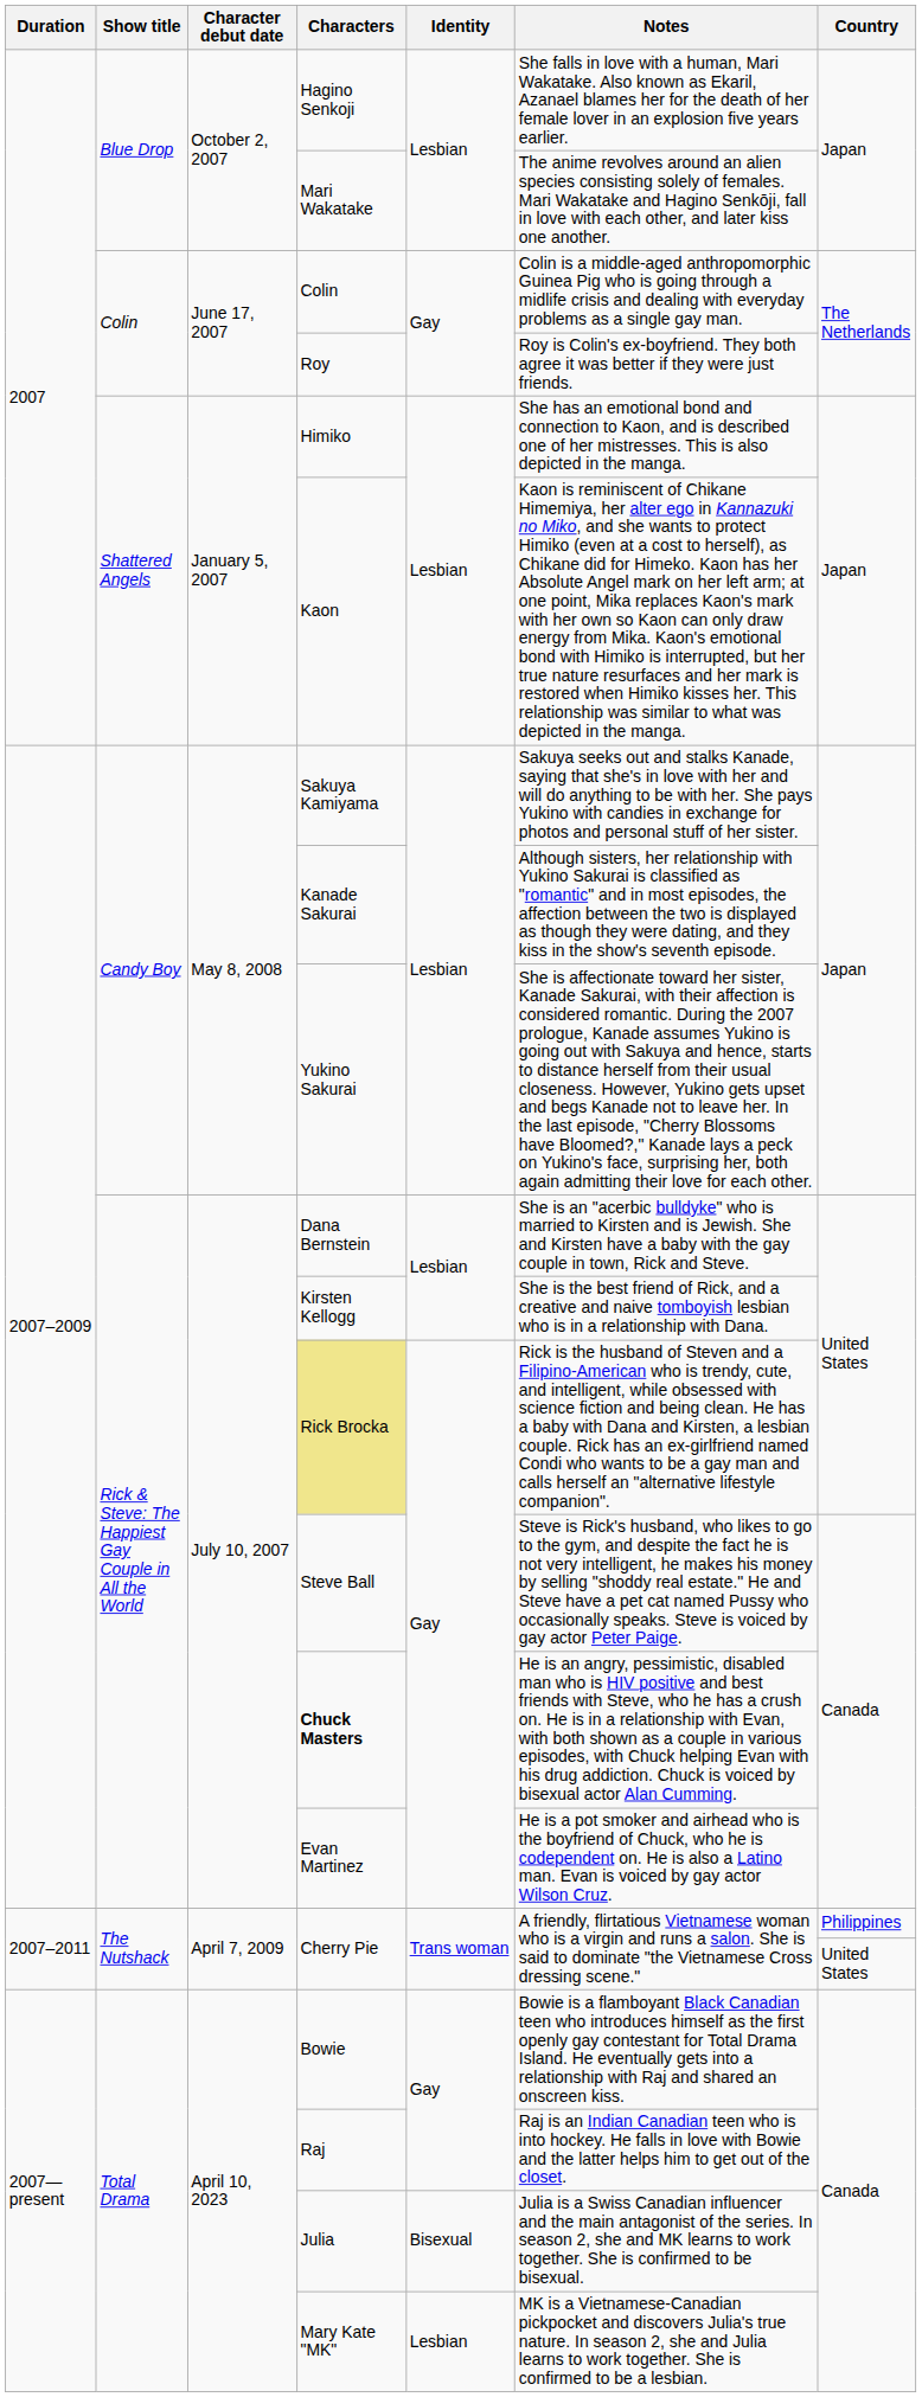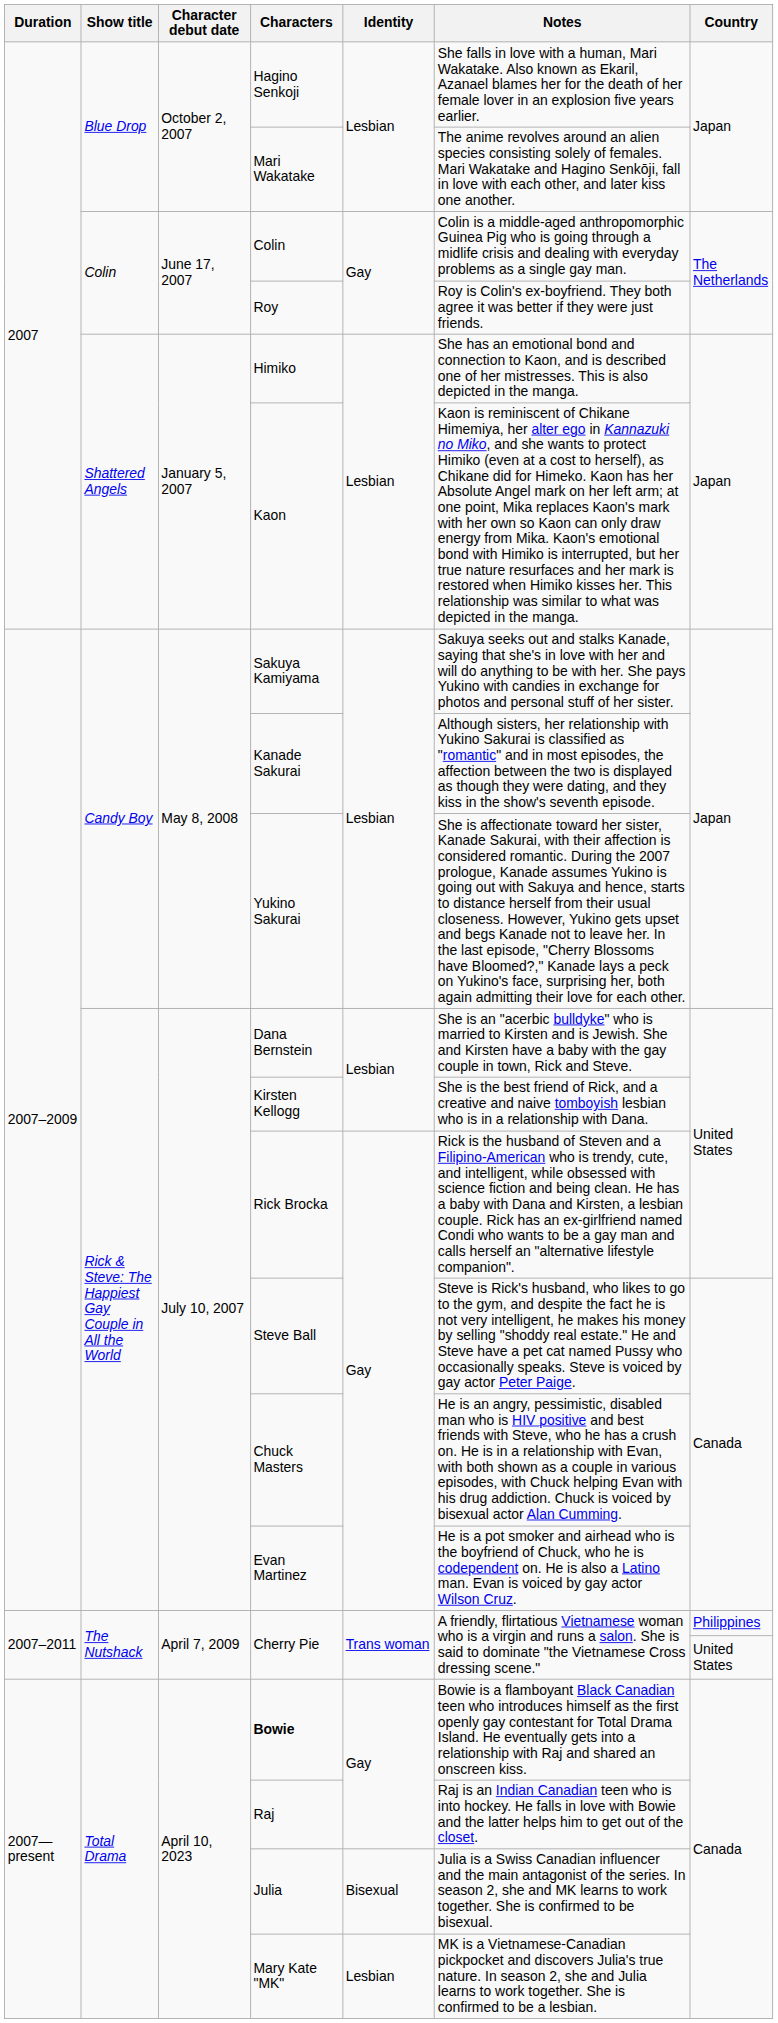 <table class="wikitable sortable" style="width: 100%">
 <tr>
 <th scope="col" style="width:10%;">Duration</th>
 <th scope="col" style="width:10%;">Show title</th>
 <th scope="col" style="width:12%;">Character debut date</th>
 <th scope="col" style="width:12%;">Characters</th>
 <th scope="col" style="width:12%;">Identity</th>
 <th>Notes</th>
 <th>Country</th>
 </tr>
 <tr>
 <td rowspan="6">2007</td>
 <td rowspan="2"><em><a href='#'>Blue Drop</a></em></td>
 <td rowspan="2">October 2, 2007</td>
 <td>Hagino Senkoji</td>
 <td rowspan="2">Lesbian</td>
 <td>She falls in love with a human, Mari Wakatake. Also known as Ekaril, Azanael blames her for the death of her female lover in an explosion five years earlier.</td>
 <td rowspan="2">Japan</td>
 </tr>
 <tr>
 <td>Mari Wakatake</td>
 <td>The anime revolves around an alien species consisting solely of females. Mari Wakatake and Hagino Senkōji, fall in love with each other, and later kiss one another.</td>
 </tr>
 <tr>
 <td rowspan="2"><em>Colin</em></td>
 <td rowspan="2">June 17, 2007</td>
 <td>Colin</td>
 <td rowspan="2">Gay</td>
 <td>Colin is a middle-aged anthropomorphic Guinea Pig who is going through a midlife crisis and dealing with everyday problems as a single gay man.</td>
 <td rowspan="2"><a href='#'>The Netherlands</a></td>
 </tr>
 <tr>
 <td>Roy</td>
 <td>Roy is Colin's ex-boyfriend. They both agree it was better if they were just friends.</td>
 </tr>
 <tr>
 <td rowspan="2"><em><a href='#'>Shattered Angels</a></em></td>
 <td rowspan="2">January 5, 2007</td>
 <td>Himiko</td>
 <td rowspan="2">Lesbian</td>
 <td>She has an emotional bond and connection to Kaon, and is described one of her mistresses. This is also depicted in the manga.</td>
 <td rowspan="2">Japan</td>
 </tr>
 <tr>
 <td>Kaon</td>
 <td>Kaon is reminiscent of Chikane Himemiya, her <a href='#'>alter ego</a> in <em><a href='#'>Kannazuki no Miko</a></em>, and she wants to protect Himiko (even at a cost to herself), as Chikane did for Himeko. Kaon has her Absolute Angel mark on her left arm; at one point, Mika replaces Kaon's mark with her own so Kaon can only draw energy from Mika. Kaon's emotional bond with Himiko is interrupted, but her true nature resurfaces and her mark is restored when Himiko kisses her. This relationship was similar to what was depicted in the manga.</td>
 </tr>
 <tr>
 <td rowspan="9">2007–2009</td>
 <td rowspan="3"><em><a href='#'>Candy Boy</a></em></td>
 <td rowspan="3">May 8, 2008</td>
 <td>Sakuya Kamiyama</td>
 <td rowspan="3">Lesbian</td>
 <td>Sakuya seeks out and stalks Kanade, saying that she's in love with her and will do anything to be with her. She pays Yukino with candies in exchange for photos and personal stuff of her sister.</td>
 <td rowspan="3">Japan</td>
 </tr>
 <tr>
 <td>Kanade Sakurai</td>
 <td>Although sisters, her relationship with Yukino Sakurai is classified as "<a href='#'>romantic</a>" and in most episodes, the affection between the two is displayed as though they were dating, and they kiss in the show's seventh episode.</td>
 </tr>
 <tr>
 <td>Yukino Sakurai</td>
 <td>She is affectionate toward her sister, Kanade Sakurai, with their affection is considered romantic. During the 2007 prologue, Kanade assumes Yukino is going out with Sakuya and hence, starts to distance herself from their usual closeness. However, Yukino gets upset and begs Kanade not to leave her. In the last episode, "Cherry Blossoms have Bloomed?," Kanade lays a peck on Yukino's face, surprising her, both again admitting their love for each other.</td>
 </tr>
 <tr>
 <td rowspan="6"><em><a href='#'>Rick & Steve: The Happiest Gay Couple in All the World</a></em></td>
 <td rowspan="6">July 10, 2007</td>
 <td>Dana Bernstein</td>
 <td rowspan="2">Lesbian</td>
 <td>She is an "acerbic <a href='#'>bulldyke</a>" who is married to Kirsten and is Jewish. She and Kirsten have a baby with the gay couple in town, Rick and Steve.</td>
 <td rowspan="3">United States</td>
 </tr>
 <tr>
 <td>Kirsten Kellogg</td>
 <td>She is the best friend of Rick, and a creative and naive <a href='#'>tomboyish</a> lesbian who is in a relationship with Dana.</td>
 </tr>
 <tr>
-<td style="background: khaki;">Rick Brocka</td>
+<td>Rick Brocka</td>
 <td rowspan="4">Gay</td>
 <td>Rick is the husband of Steven and a <a href='#'>Filipino-American</a> who is trendy, cute, and intelligent, while obsessed with science fiction and being clean. He has a baby with Dana and Kirsten, a lesbian couple. Rick has an ex-girlfriend named Condi who wants to be a gay man and calls herself an "alternative lifestyle companion".</td>
 </tr>
 <tr>
 <td>Steve Ball</td>
 <td>Steve is Rick's husband, who likes to go to the gym, and despite the fact he is not very intelligent, he makes his money by selling "shoddy real estate." He and Steve have a pet cat named Pussy who occasionally speaks. Steve is voiced by gay actor <a href='#'>Peter Paige</a>.</td>
 <td rowspan="3">Canada</td>
 </tr>
 <tr>
-<td><strong>Chuck Masters</strong></td>
+<td>Chuck Masters</td>
 <td>He is an angry, pessimistic, disabled man who is <a href='#'>HIV positive</a> and best friends with Steve, who he has a crush on. He is in a relationship with Evan, with both shown as a couple in various episodes, with Chuck helping Evan with his drug addiction. Chuck is voiced by bisexual actor <a href='#'>Alan Cumming</a>.</td>
 </tr>
 <tr>
 <td>Evan Martinez</td>
 <td>He is a pot smoker and airhead who is the boyfriend of Chuck, who he is <a href='#'>codependent</a> on. He is also a <a href='#'>Latino</a> man. Evan is voiced by gay actor <a href='#'>Wilson Cruz</a>.</td>
 </tr>
 <tr>
 <td rowspan="2">2007–2011</td>
 <td rowspan="2"><em><a href='#'>The Nutshack</a></em></td>
 <td rowspan="2">April 7, 2009</td>
 <td rowspan="2">Cherry Pie</td>
 <td rowspan="2"><a href='#'>Trans woman</a></td>
 <td rowspan="2">A friendly, flirtatious <a href='#'>Vietnamese</a> woman who is a virgin and runs a <a href='#'>salon</a>. She is said to dominate "the Vietnamese Cross dressing scene."</td>
 <td><a href='#'>Philippines</a></td>
 </tr>
 <tr>
 <td>United States</td>
 </tr>
 <tr>
 <td rowspan="4">2007—present</td>
 <td rowspan="4"><em><a href='#'>Total Drama</a></em></td>
 <td rowspan="4">April 10, 2023</td>
-<td>Bowie</td>
+<td><strong>Bowie</strong></td>
 <td rowspan="2">Gay</td>
 <td>Bowie is a flamboyant <a href='#'>Black Canadian</a> teen who introduces himself as the first openly gay contestant for Total Drama Island. He eventually gets into a relationship with Raj and shared an onscreen kiss.</td>
 <td rowspan="4">Canada</td>
 </tr>
 <tr>
 <td>Raj</td>
 <td>Raj is an <a href='#'>Indian Canadian</a> teen who is into hockey. He falls in love with Bowie and the latter helps him to get out of the <a href='#'>closet</a>.</td>
 </tr>
 <tr>
 <td>Julia</td>
 <td>Bisexual</td>
 <td>Julia is a Swiss Canadian influencer and the main antagonist of the series. In season 2, she and MK learns to work together. She is confirmed to be bisexual.</td>
 </tr>
 <tr>
 <td>Mary Kate "MK"</td>
 <td>Lesbian</td>
 <td>MK is a Vietnamese-Canadian pickpocket and discovers Julia's true nature. In season 2, she and Julia learns to work together. She is confirmed to be a lesbian.</td>
 </tr>
 </table>
